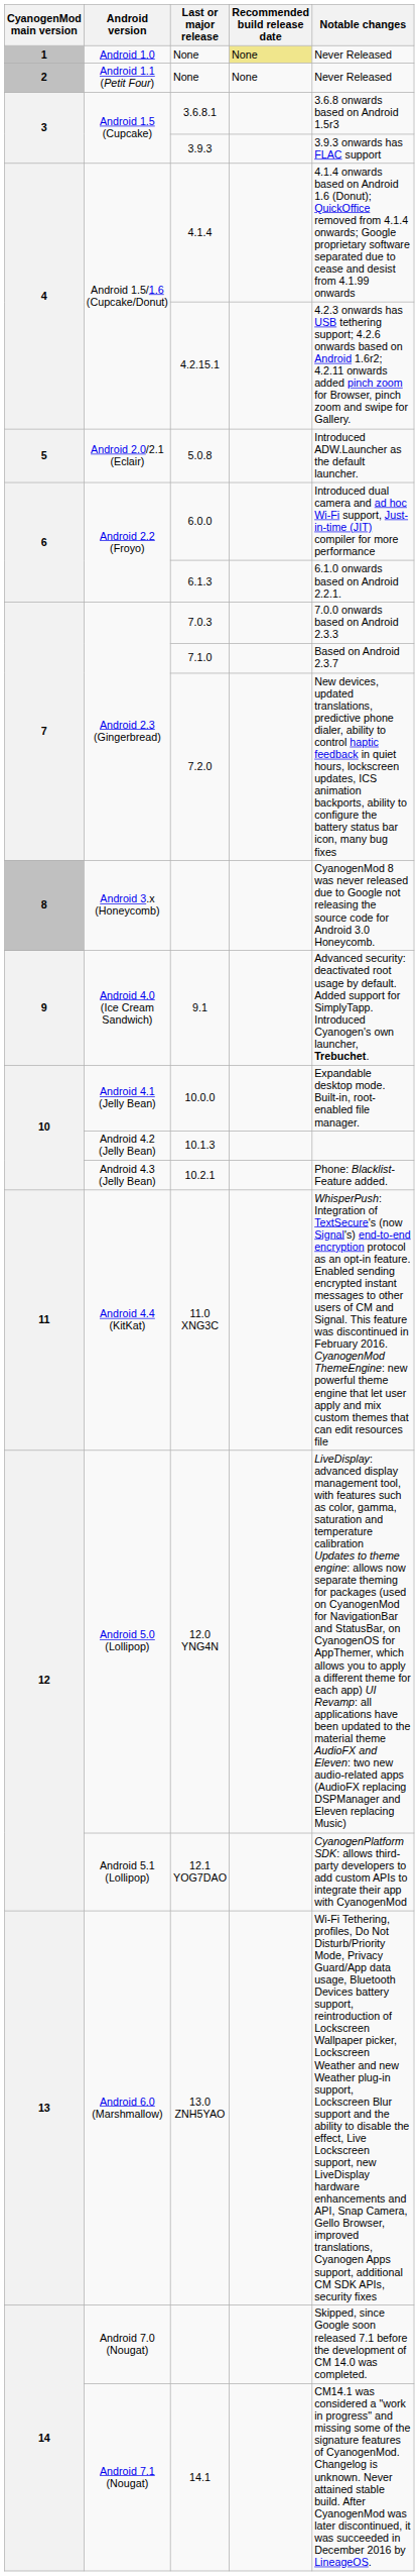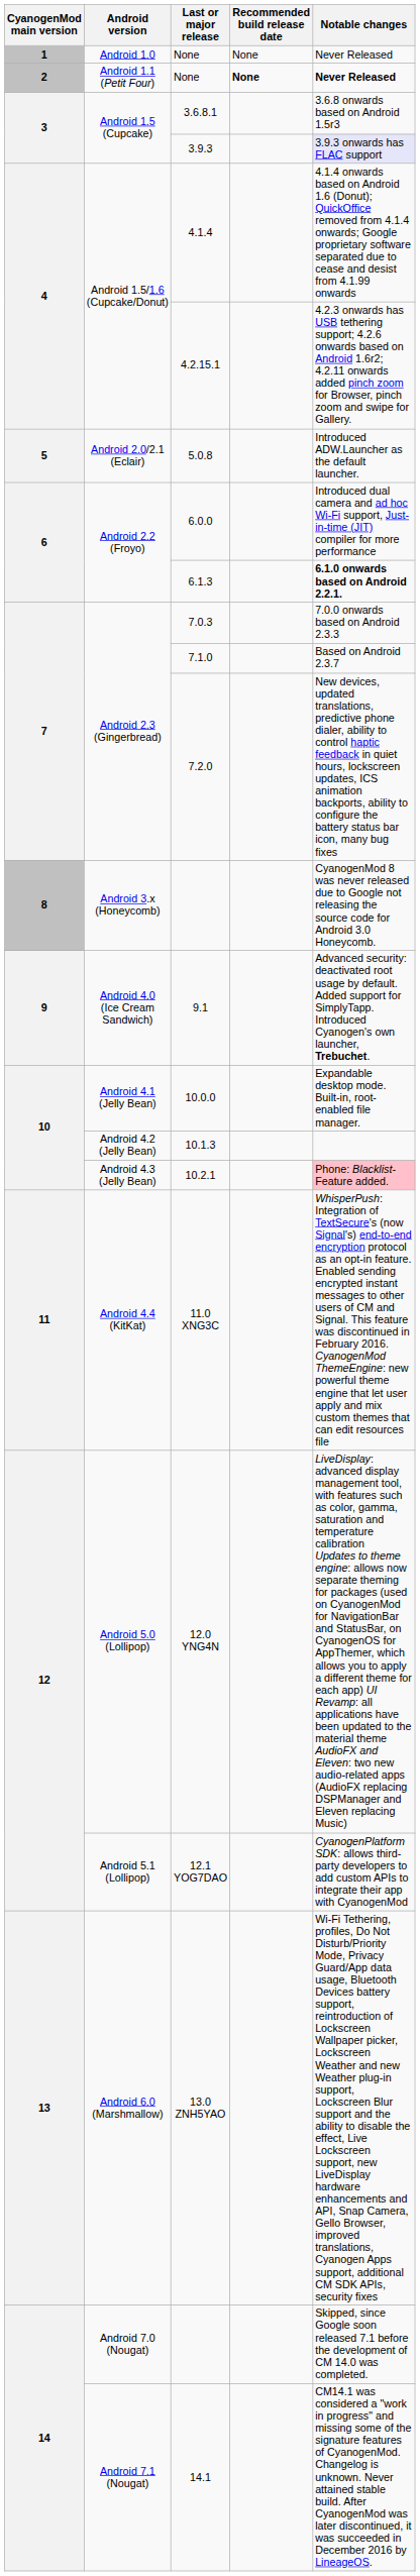 <table class="wikitable sortable mw-collapsible">
 <tr>
 <th scope="column">CyanogenMod main version</th>
 <th scope="column">Android version</th>
 <th scope="column">Last or major release</th>
 <th scope="column">Recommended build release date</th>
 <th scope="column">Notable changes</th>
 </tr>
 <tr>
 <th scope="row" style="background: silver;">1</th>
 <td style="text-align: center;"><a href='#'>Android 1.0</a></td>
 <td>None</td>
-<td style="background: khaki;">None</td>
+<td>None</td>
 <td>Never Released</td>
 </tr>
 <tr>
 <th scope="row" style="background: silver;">2</th>
 <td style="text-align: center;"><a href='#'>Android 1.1</a><br>(<em>Petit Four</em>)</td>
 <td>None</td>
-<td>None</td>
-<td>Never Released</td>
+<td><strong>None</strong></td>
+<td><strong>Never Released</strong></td>
 </tr>
 <tr>
 <th rowspan="2" scope="row">3</th>
 <td rowspan="2" style="text-align: center;"><a href='#'>Android 1.5</a><br>(Cupcake)</td>
 <td style="text-align:center;">3.6.8.1</td>
 <td></td>
 <td>3.6.8 onwards based on Android 1.5r3</td>
 </tr>
 <tr>
 <td style="text-align:center;">3.9.3</td>
 <td></td>
-<td>3.9.3 onwards has <a href='#'>FLAC</a> support</td>
+<td style="background: lavender;">3.9.3 onwards has <a href='#'>FLAC</a> support</td>
 </tr>
 <tr>
 <th rowspan="2" scope="row">4</th>
 <td rowspan="2" style="text-align: center;">Android 1.5/<a href='#'>1.6</a><br>(Cupcake/Donut)</td>
 <td style="text-align:center;">4.1.4</td>
 <td></td>
 <td>4.1.4 onwards based on Android 1.6 (Donut); <a href='#'>QuickOffice</a> removed from 4.1.4 onwards; Google proprietary software separated due to cease and desist from 4.1.99 onwards</td>
 </tr>
 <tr>
 <td style="text-align:center;">4.2.15.1</td>
 <td></td>
 <td>4.2.3 onwards has <a href='#'>USB</a> tethering support; 4.2.6 onwards based on <a href='#'>Android</a> 1.6r2; 4.2.11 onwards added <a href='#'>pinch zoom</a> for Browser, pinch zoom and swipe for Gallery.</td>
 </tr>
 <tr>
 <th scope="row">5</th>
 <td style="text-align: center;"><a href='#'>Android 2.0</a>/2.1<br>(Eclair)</td>
 <td style="text-align:center;">5.0.8</td>
 <td></td>
 <td>Introduced ADW.Launcher as the default launcher.</td>
 </tr>
 <tr>
 <th rowspan="2" scope="row">6</th>
 <td rowspan="2" style="text-align: center;"><a href='#'>Android 2.2</a><br>(Froyo)</td>
 <td style="text-align:center;">6.0.0</td>
 <td></td>
 <td>Introduced dual camera and <a href='#'>ad hoc</a> <a href='#'>Wi-Fi</a> support, <a href='#'>Just-in-time (JIT)</a> compiler for more performance</td>
 </tr>
 <tr>
 <td style="text-align:center;">6.1.3</td>
 <td></td>
-<td>6.1.0 onwards based on Android 2.2.1.</td>
+<td><strong>6.1.0 onwards based on Android 2.2.1.</strong></td>
 </tr>
 <tr>
 <th rowspan="3" scope="row">7</th>
 <td rowspan="3" style="text-align: center;"><a href='#'>Android 2.3</a><br>(Gingerbread)</td>
 <td style="text-align:center;">7.0.3</td>
 <td></td>
 <td>7.0.0 onwards based on Android 2.3.3</td>
 </tr>
 <tr>
 <td style="text-align:center;">7.1.0</td>
 <td></td>
 <td>Based on Android 2.3.7</td>
 </tr>
 <tr>
 <td style="text-align:center;">7.2.0</td>
 <td></td>
 <td>New devices, updated translations, predictive phone dialer, ability to control <a href='#'>haptic feedback</a> in quiet hours, lockscreen updates, ICS animation backports, ability to configure the battery status bar icon, many bug fixes</td>
 </tr>
 <tr>
 <th scope="row" style="background: silver;">8</th>
 <td style="text-align: center;"><a href='#'>Android 3</a>.x<br>(Honeycomb)</td>
 <td></td>
 <td></td>
 <td>CyanogenMod 8 was never released due to Google not releasing the source code for Android 3.0 Honeycomb.</td>
 </tr>
 <tr>
 <th scope="row">9</th>
 <td style="text-align: center;"><a href='#'>Android 4.0</a><br>(Ice Cream Sandwich)</td>
 <td style="text-align:center;">9.1</td>
 <td></td>
 <td>Advanced security: deactivated root usage by default. Added support for SimplyTapp.<br>Introduced Cyanogen's own launcher, <strong>Trebuchet</strong>.</td>
 </tr>
 <tr>
 <th rowspan="3" scope="row">10</th>
 <td style="text-align: center;"><a href='#'>Android 4.1</a><br>(Jelly Bean)</td>
 <td style="text-align:center;">10.0.0</td>
 <td></td>
 <td>Expandable desktop mode. Built-in, root-enabled file manager.</td>
 </tr>
 <tr>
 <td style="text-align: center;">Android 4.2<br>(Jelly Bean)</td>
 <td style="text-align:center;">10.1.3</td>
 <td></td>
 <td></td>
 </tr>
 <tr>
 <td style="text-align: center;">Android 4.3<br>(Jelly Bean)</td>
 <td style="text-align:center;">10.2.1</td>
 <td></td>
-<td>Phone: <em>Blacklist</em>-Feature added.</td>
+<td style="background: pink;">Phone: <em>Blacklist</em>-Feature added.</td>
 </tr>
 <tr>
 <th scope="row">11</th>
 <td style="text-align: center;"><a href='#'>Android 4.4</a><br>(KitKat)</td>
 <td style="text-align:center;">11.0 XNG3C</td>
 <td></td>
 <td><em>WhisperPush</em>: Integration of <a href='#'>TextSecure</a>'s (now <a href='#'>Signal</a>'s) <a href='#'>end-to-end encryption</a> protocol as an opt-in feature. Enabled sending encrypted instant messages to other users of CM and Signal. This feature was discontinued in February 2016.<br><em>CyanogenMod ThemeEngine</em>: new powerful theme engine that let user apply and mix custom themes that can edit resources file</td>
 </tr>
 <tr>
 <th rowspan="2" scope="row">12</th>
 <td style="text-align: center;"><a href='#'>Android 5.0</a><br>(Lollipop)</td>
 <td style="text-align:center;">12.0 YNG4N</td>
 <td></td>
 <td><em>LiveDisplay</em>: advanced display management tool, with features such as color, gamma, saturation and temperature calibration<br><em>Updates to theme engine</em>: allows now separate theming for packages (used on CyanogenMod for NavigationBar and StatusBar, on CyanogenOS for AppThemer, which allows you to apply a different theme for each app) <em>UI Revamp</em>: all applications have been updated to the material theme <em>AudioFX and Eleven</em>: two new audio-related apps (AudioFX replacing DSPManager and Eleven replacing Music)</td>
 </tr>
 <tr>
 <td style="text-align: center;">Android 5.1<br>(Lollipop)</td>
 <td style="text-align:center;">12.1 YOG7DAO</td>
 <td></td>
 <td><em>CyanogenPlatform SDK</em>: allows third-party developers to add custom APIs to integrate their app with CyanogenMod</td>
 </tr>
 <tr>
 <th scope="row">13</th>
 <td style="text-align: center;"><a href='#'>Android 6.0</a><br>(Marshmallow)</td>
 <td style="text-align:center;">13.0 ZNH5YAO</td>
 <td></td>
 <td>Wi-Fi Tethering, profiles, Do Not Disturb/Priority Mode, Privacy Guard/App data usage, Bluetooth Devices battery support, reintroduction of Lockscreen Wallpaper picker, Lockscreen Weather and new Weather plug-in support, Lockscreen Blur support and the ability to disable the effect, Live Lockscreen support, new LiveDisplay hardware enhancements and API, Snap Camera, Gello Browser, improved translations, Cyanogen Apps support, additional CM SDK APIs, security fixes</td>
 </tr>
 <tr>
 <th rowspan="2" scope="row">14</th>
 <td style="text-align: center;">Android 7.0<br>(Nougat)</td>
 <td></td>
 <td></td>
 <td>Skipped, since Google soon released 7.1 before the development of CM 14.0 was completed.</td>
 </tr>
 <tr>
 <td style="text-align: center;"><a href='#'>Android 7.1</a><br>(Nougat)</td>
 <td style="text-align:center;">14.1</td>
 <td></td>
 <td>CM14.1 was considered a "work in progress" and missing some of the signature features of CyanogenMod. Changelog is unknown. Never attained stable build. After CyanogenMod was later discontinued, it was succeeded in December 2016 by <a href='#'>LineageOS</a>.</td>
 </tr>
 </table>
